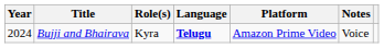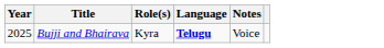 <table class="wikitable ">
 <tr>
 <th scope="col">Year</th>
 <th scope="col">Title</th>
 <th scope="col">Role(s)</th>
 <th scope="col">Language</th>
-<th scope="col">Platform</th>
 <th scope="col">Notes</th>
 <th scope="col" ></th>
 </tr>
 <tr>
-<td>2024</td>
+<td>2025</td>
 <td><em><a href='#'>Bujji and Bhairava</a></em></td>
 <td>Kyra</td>
 <td><strong><a href='#'>Telugu</a></strong></td>
-<td><a href='#'>Amazon Prime Video</a></td>
 <td>Voice</td>
 <td></td>
 </tr>
 </table>
